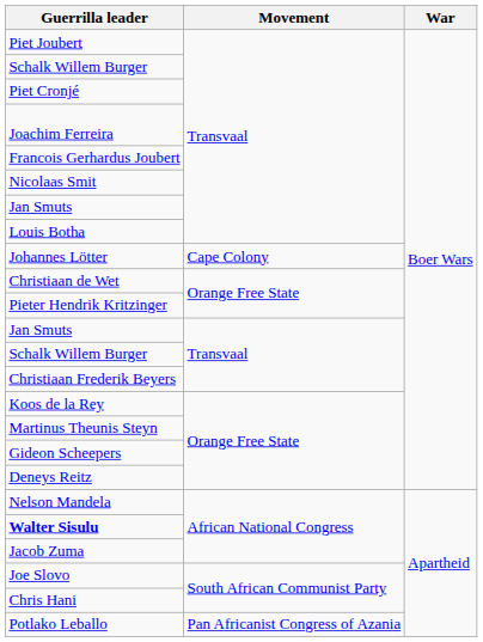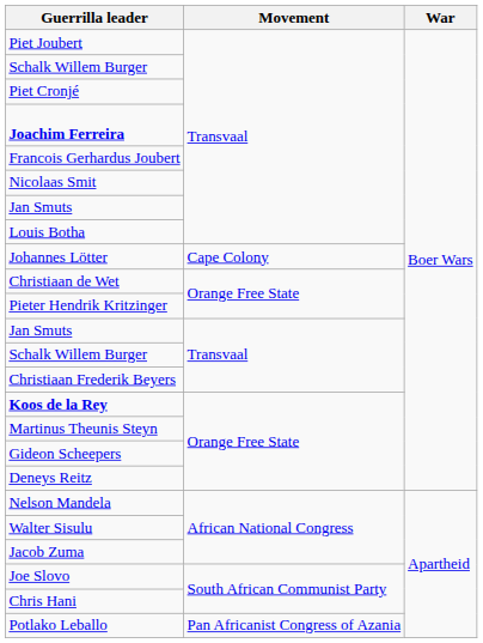 <table class="wikitable">
 <tr>
 <th>Guerrilla leader</th>
 <th>Movement</th>
 <th>War</th>
 </tr>
 <tr>
 <td><a href='#'>Piet Joubert</a></td>
 <td rowspan="8"><a href='#'>Transvaal</a></td>
 <td rowspan="18"><a href='#'>Boer Wars</a></td>
 </tr>
 <tr>
 <td><a href='#'>Schalk Willem Burger</a></td>
 </tr>
 <tr>
 <td><a href='#'>Piet Cronjé</a></td>
 </tr>
 <tr>
-<td><br><a href='#'>Joachim Ferreira</a></td>
+<td><strong><br><a href='#'>Joachim Ferreira</a></strong></td>
 </tr>
 <tr>
 <td><a href='#'>Francois Gerhardus Joubert</a></td>
 </tr>
 <tr>
 <td><a href='#'>Nicolaas Smit</a></td>
 </tr>
 <tr>
 <td><a href='#'>Jan Smuts</a></td>
 </tr>
 <tr>
 <td><a href='#'>Louis Botha</a></td>
 </tr>
 <tr>
 <td><a href='#'>Johannes Lötter</a></td>
 <td><a href='#'>Cape Colony</a></td>
 </tr>
 <tr>
 <td><a href='#'>Christiaan de Wet</a></td>
 <td rowspan="2"><a href='#'>Orange Free State</a></td>
 </tr>
 <tr>
 <td><a href='#'>Pieter Hendrik Kritzinger</a></td>
 </tr>
 <tr>
 <td><a href='#'>Jan Smuts</a></td>
 <td rowspan="3"><a href='#'>Transvaal</a></td>
 </tr>
 <tr>
 <td><a href='#'>Schalk Willem Burger</a></td>
 </tr>
 <tr>
 <td><a href='#'>Christiaan Frederik Beyers</a></td>
 </tr>
 <tr>
-<td><a href='#'>Koos de la Rey</a></td>
+<td><strong><a href='#'>Koos de la Rey</a></strong></td>
 <td rowspan="4"><a href='#'>Orange Free State</a></td>
 </tr>
 <tr>
 <td><a href='#'>Martinus Theunis Steyn</a></td>
 </tr>
 <tr>
 <td><a href='#'>Gideon Scheepers</a></td>
 </tr>
 <tr>
 <td><a href='#'>Deneys Reitz</a></td>
 </tr>
 <tr>
 <td><a href='#'>Nelson Mandela</a></td>
 <td rowspan="3"><a href='#'>African National Congress</a></td>
 <td rowspan="6"><a href='#'>Apartheid</a></td>
 </tr>
 <tr>
-<td><strong><a href='#'>Walter Sisulu</a></strong></td>
+<td><a href='#'>Walter Sisulu</a></td>
 </tr>
 <tr>
 <td><a href='#'>Jacob Zuma</a></td>
 </tr>
 <tr>
 <td><a href='#'>Joe Slovo</a></td>
 <td rowspan="2"><a href='#'>South African Communist Party</a></td>
 </tr>
 <tr>
 <td><a href='#'>Chris Hani</a></td>
 </tr>
 <tr>
 <td><a href='#'>Potlako Leballo</a></td>
 <td><a href='#'>Pan Africanist Congress of Azania</a></td>
 </tr>
 </table>
